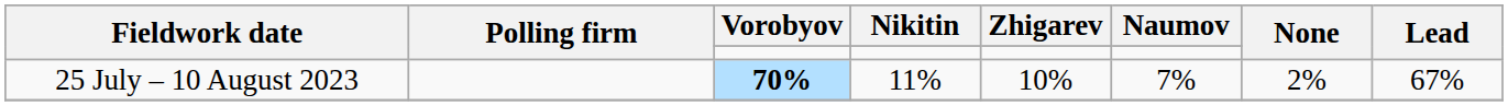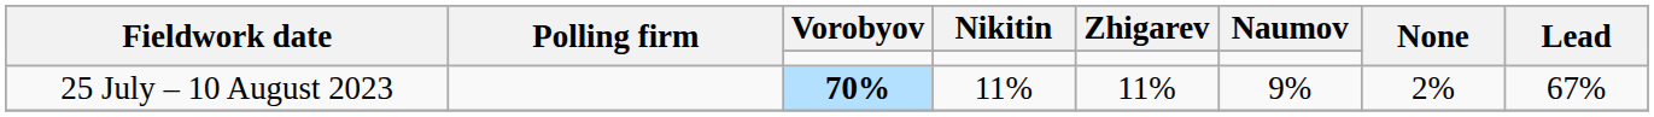 <table class=wikitable style="font-size:95%; line-height:14px; text-align:center">
 <tr>
 <th style=width:200px; rowspan=2>Fieldwork date</th>
 <th style=width:150px; rowspan=2>Polling firm</th>
 <th style="width:60px;">Vorobyov</th>
 <th style="width:60px;">Nikitin</th>
 <th style="width:60px;">Zhigarev</th>
 <th style="width:60px;">Naumov</th>
 <th style="width:60px;" rowspan=2>None</th>
 <th style="width:60px;" rowspan="2">Lead</th>
 </tr>
 <tr>
 <td bgcolor=></td>
 <td bgcolor=></td>
 <td bgcolor=></td>
 <td bgcolor=></td>
 </tr>
 <tr>
 <td>25 July – 10 August 2023</td>
 <td></td>
 <td style="background:#B3E0FF"><strong>70%</strong></td>
 <td>11%</td>
-<td>10%</td>
-<td>7%</td>
+<td>11%</td>
+<td>9%</td>
 <td>2%</td>
 <td style="background:">67%</td>
 </tr>
 <tr>
 </tr>
 </table>
